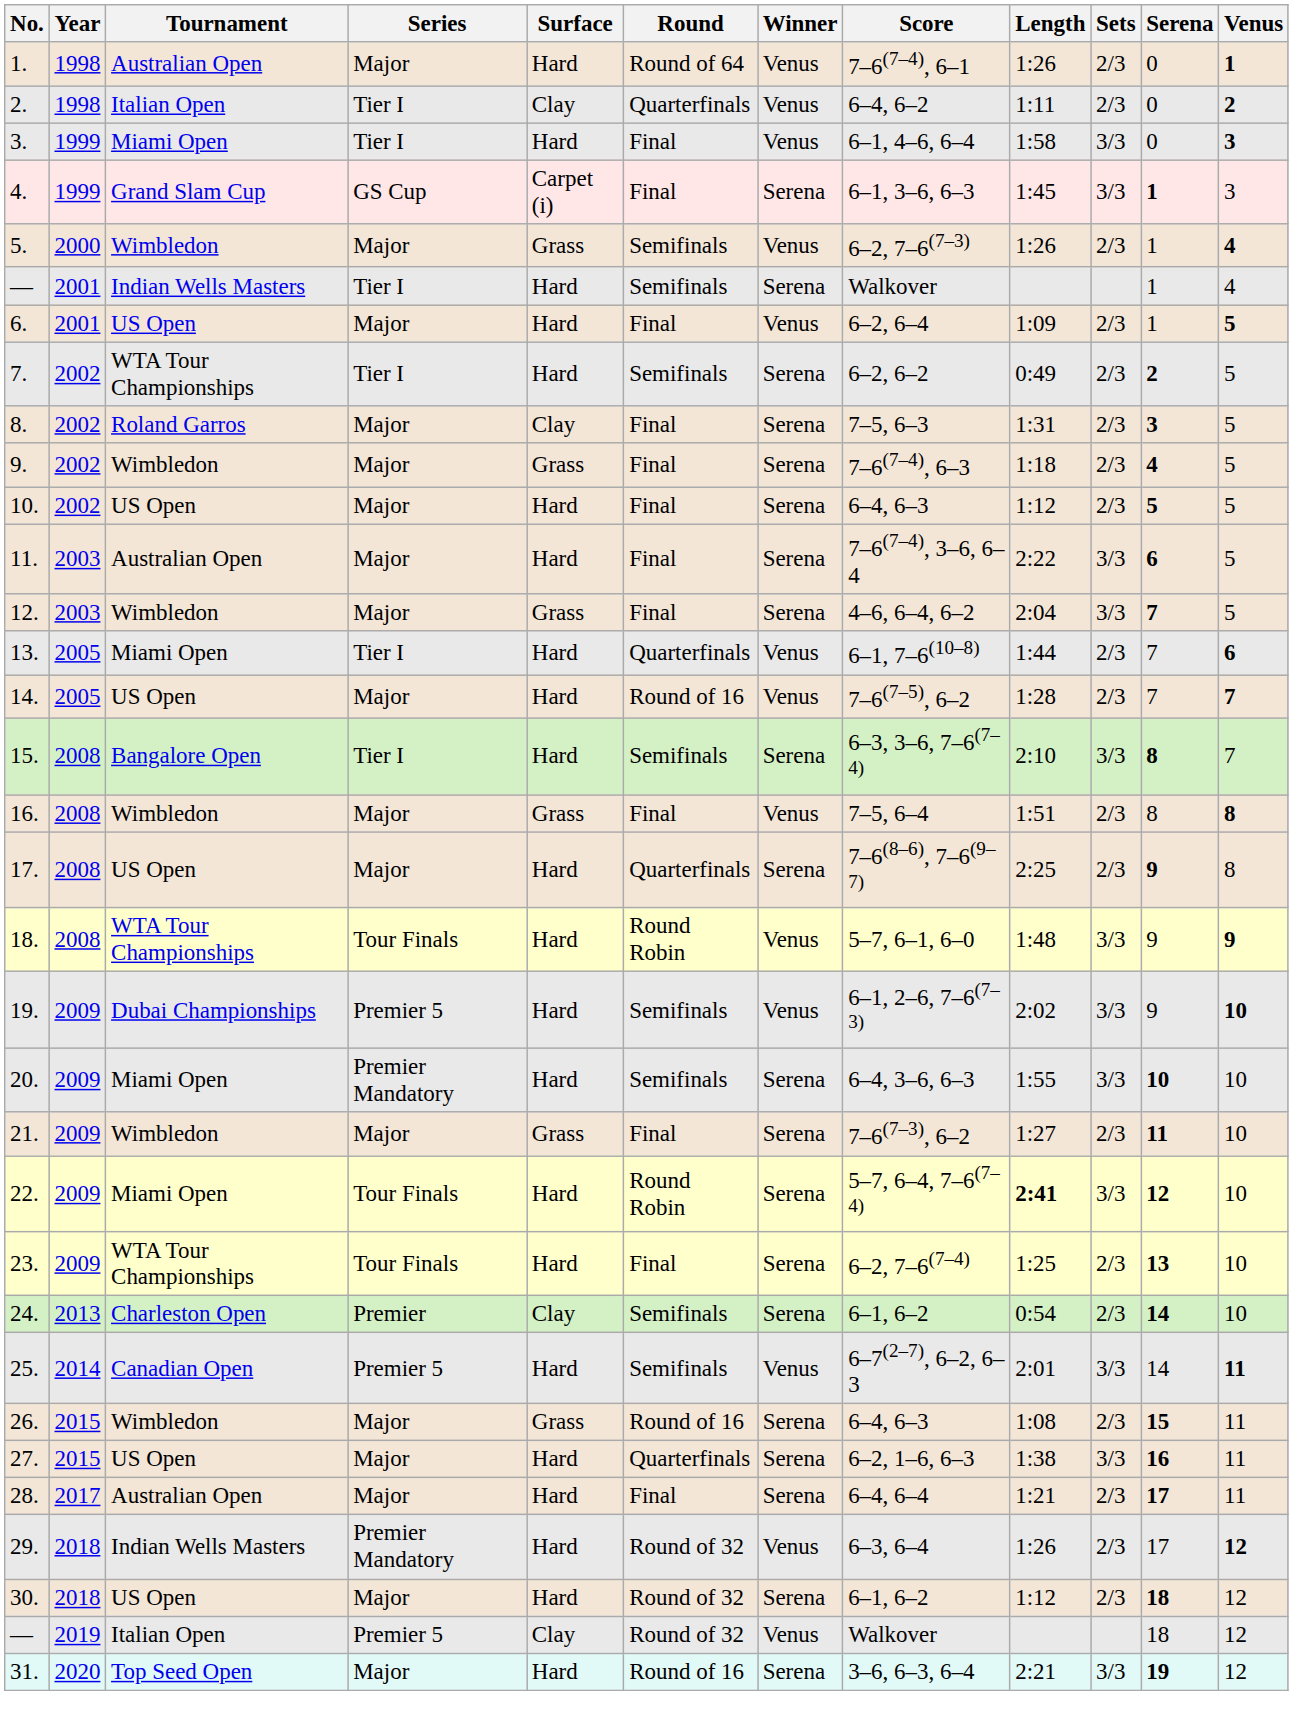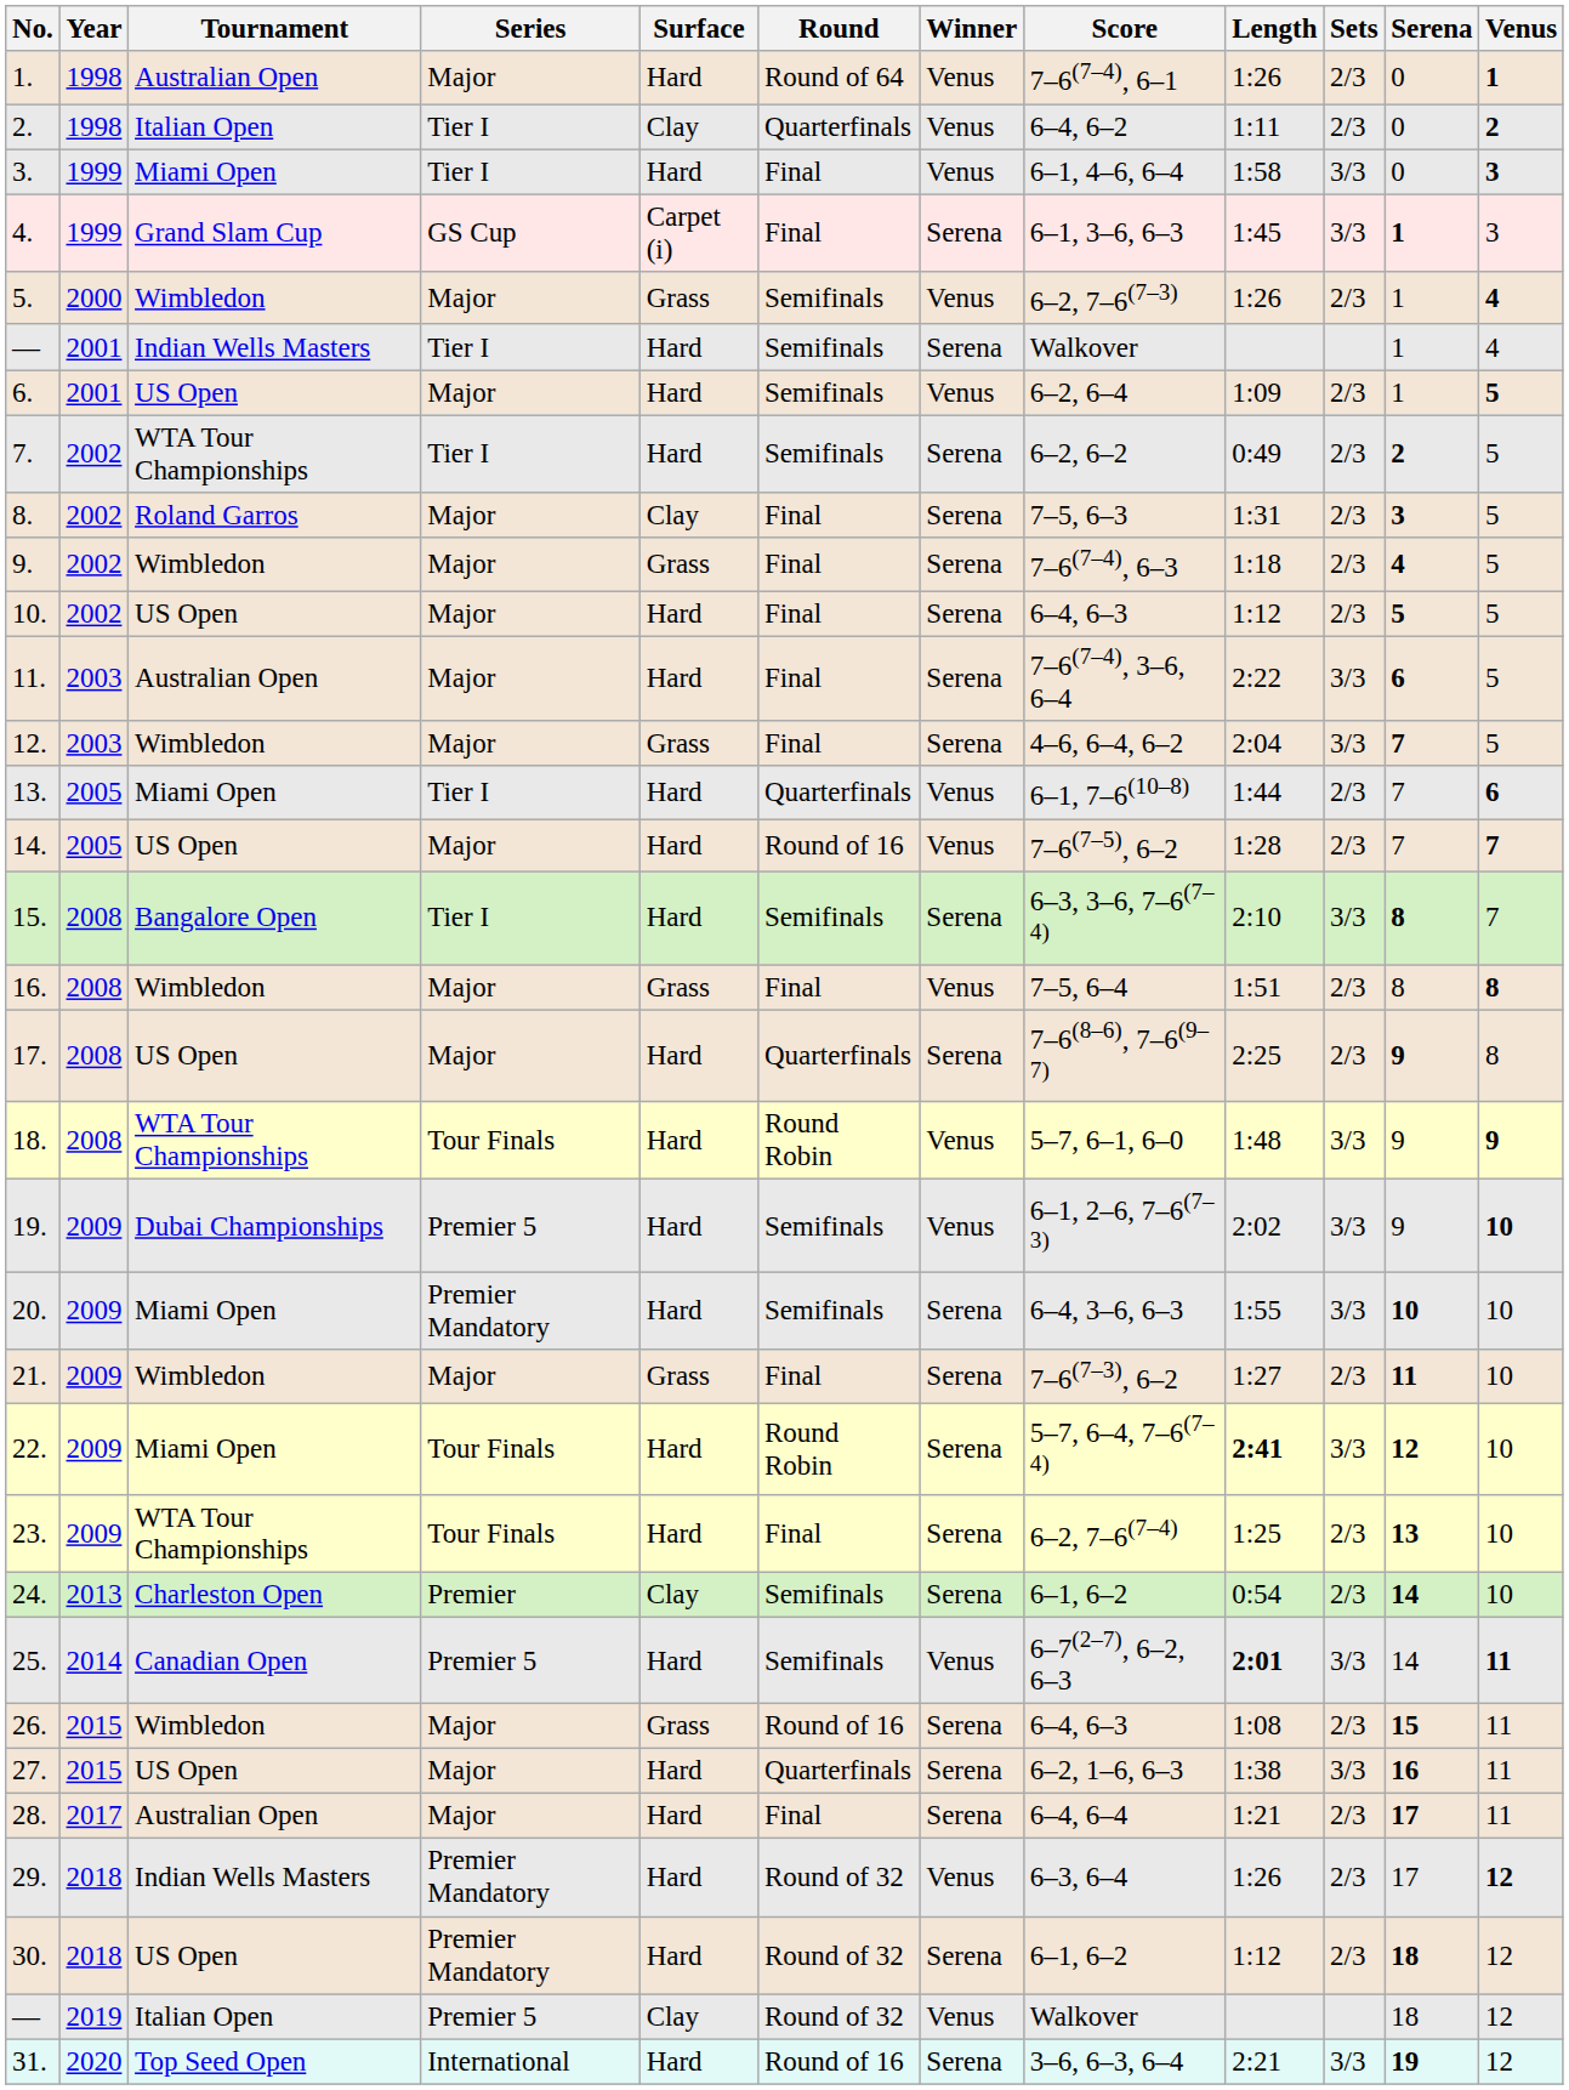 <table class="sortable wikitable" style="font-size:97%">
 <tr style="background:#uiit">
 <th>No.</th>
 <th>Year</th>
 <th>Tournament</th>
 <th>Series</th>
 <th>Surface</th>
 <th>Round</th>
 <th>Winner</th>
 <th class="unsortable">Score</th>
 <th>Length</th>
 <th>Sets</th>
 <th>Serena</th>
 <th>Venus</th>
 </tr>
 <tr style="background:#f3e6d7">
 <td>1.</td>
 <td><a href='#'>1998</a></td>
 <td><a href='#'>Australian Open</a></td>
 <td>Major</td>
 <td>Hard</td>
 <td>Round of 64</td>
 <td>Venus</td>
 <td>7–6<sup>(7–4)</sup>, 6–1</td>
 <td>1:26</td>
 <td>2/3</td>
 <td>0</td>
 <td><strong>1</strong></td>
 </tr>
 <tr style="background:#e9e9e9">
 <td>2.</td>
 <td><a href='#'>1998</a></td>
 <td><a href='#'>Italian Open</a></td>
 <td>Tier I</td>
 <td>Clay</td>
 <td>Quarterfinals</td>
 <td>Venus</td>
 <td>6–4, 6–2</td>
 <td>1:11</td>
 <td>2/3</td>
 <td>0</td>
 <td><strong>2</strong></td>
 </tr>
 <tr style="background:#e9e9e9">
 <td>3.</td>
 <td><a href='#'>1999</a></td>
 <td><a href='#'>Miami Open</a></td>
 <td>Tier I</td>
 <td>Hard</td>
 <td>Final</td>
 <td>Venus</td>
 <td>6–1, 4–6, 6–4</td>
 <td>1:58</td>
 <td>3/3</td>
 <td>0</td>
 <td><strong>3</strong></td>
 </tr>
 <tr style="background:#ffe7e7">
 <td>4.</td>
 <td><a href='#'>1999</a></td>
 <td><a href='#'>Grand Slam Cup</a></td>
 <td>GS Cup</td>
 <td>Carpet (i)</td>
 <td>Final</td>
 <td>Serena</td>
 <td>6–1, 3–6, 6–3</td>
 <td>1:45</td>
 <td>3/3</td>
 <td><strong>1</strong></td>
 <td>3</td>
 </tr>
 <tr style="background:#f3e6d7">
 <td>5.</td>
 <td><a href='#'>2000</a></td>
 <td><a href='#'>Wimbledon</a></td>
 <td>Major</td>
 <td>Grass</td>
 <td>Semifinals</td>
 <td>Venus</td>
 <td>6–2, 7–6<sup>(7–3)</sup></td>
 <td>1:26</td>
 <td>2/3</td>
 <td>1</td>
 <td><strong>4</strong></td>
 </tr>
 <tr style="background:#e9e9e9">
 <td>—</td>
 <td><a href='#'>2001</a></td>
 <td><a href='#'>Indian Wells Masters</a></td>
 <td>Tier I</td>
 <td>Hard</td>
 <td>Semifinals</td>
 <td>Serena</td>
 <td>Walkover</td>
 <td></td>
 <td></td>
 <td>1</td>
 <td>4</td>
 </tr>
 <tr style="background:#f3e6d7">
 <td>6.</td>
 <td><a href='#'>2001</a></td>
 <td><a href='#'>US Open</a></td>
 <td>Major</td>
 <td>Hard</td>
-<td>Final</td>
+<td>Semifinals</td>
 <td>Venus</td>
 <td>6–2, 6–4</td>
 <td>1:09</td>
 <td>2/3</td>
 <td>1</td>
 <td><strong>5</strong></td>
 </tr>
 <tr style="background:#e9e9e9">
 <td>7.</td>
 <td><a href='#'>2002</a></td>
 <td>WTA Tour Championships</td>
 <td>Tier I</td>
 <td>Hard</td>
 <td>Semifinals</td>
 <td>Serena</td>
 <td>6–2, 6–2</td>
 <td>0:49</td>
 <td>2/3</td>
 <td><strong>2</strong></td>
 <td>5</td>
 </tr>
 <tr style="background:#f3e6d7">
 <td>8.</td>
 <td><a href='#'>2002</a></td>
 <td><a href='#'>Roland Garros</a></td>
 <td>Major</td>
 <td>Clay</td>
 <td>Final</td>
 <td>Serena</td>
 <td>7–5, 6–3</td>
 <td>1:31</td>
 <td>2/3</td>
 <td><strong>3</strong></td>
 <td>5</td>
 </tr>
 <tr style="background:#f3e6d7">
 <td>9.</td>
 <td><a href='#'>2002</a></td>
 <td>Wimbledon</td>
 <td>Major</td>
 <td>Grass</td>
 <td>Final</td>
 <td>Serena</td>
 <td>7–6<sup>(7–4)</sup>, 6–3</td>
 <td>1:18</td>
 <td>2/3</td>
 <td><strong>4</strong></td>
 <td>5</td>
 </tr>
 <tr style="background:#f3e6d7">
 <td>10.</td>
 <td><a href='#'>2002</a></td>
 <td>US Open</td>
 <td>Major</td>
 <td>Hard</td>
 <td>Final</td>
 <td>Serena</td>
 <td>6–4, 6–3</td>
 <td>1:12</td>
 <td>2/3</td>
 <td><strong>5</strong></td>
 <td>5</td>
 </tr>
 <tr style="background:#f3e6d7">
 <td>11.</td>
 <td><a href='#'>2003</a></td>
 <td>Australian Open</td>
 <td>Major</td>
 <td>Hard</td>
 <td>Final</td>
 <td>Serena</td>
 <td>7–6<sup>(7–4)</sup>, 3–6, 6–4</td>
 <td>2:22</td>
 <td>3/3</td>
 <td><strong>6</strong></td>
 <td>5</td>
 </tr>
 <tr style="background:#f3e6d7">
 <td>12.</td>
 <td><a href='#'>2003</a></td>
 <td>Wimbledon</td>
 <td>Major</td>
 <td>Grass</td>
 <td>Final</td>
 <td>Serena</td>
 <td>4–6, 6–4, 6–2</td>
 <td>2:04</td>
 <td>3/3</td>
 <td><strong>7</strong></td>
 <td>5</td>
 </tr>
 <tr style="background:#e9e9e9">
 <td>13.</td>
 <td><a href='#'>2005</a></td>
 <td>Miami Open</td>
 <td>Tier I</td>
 <td>Hard</td>
 <td>Quarterfinals</td>
 <td>Venus</td>
 <td>6–1, 7–6<sup>(10–8)</sup></td>
 <td>1:44</td>
 <td>2/3</td>
 <td>7</td>
 <td><strong>6</strong></td>
 </tr>
 <tr style="background:#f3e6d7">
 <td>14.</td>
 <td><a href='#'>2005</a></td>
 <td>US Open</td>
 <td>Major</td>
 <td>Hard</td>
 <td>Round of 16</td>
 <td>Venus</td>
 <td>7–6<sup>(7–5)</sup>, 6–2</td>
 <td>1:28</td>
 <td>2/3</td>
 <td>7</td>
 <td><strong>7</strong></td>
 </tr>
 <tr style="background:#d4f1c5">
 <td>15.</td>
 <td><a href='#'>2008</a></td>
 <td><a href='#'>Bangalore Open</a></td>
 <td>Tier I</td>
 <td>Hard</td>
 <td>Semifinals</td>
 <td>Serena</td>
 <td>6–3, 3–6, 7–6<sup>(7–4)</sup></td>
 <td>2:10</td>
 <td>3/3</td>
 <td><strong>8</strong></td>
 <td>7</td>
 </tr>
 <tr style="background:#f3e6d7">
 <td>16.</td>
 <td><a href='#'>2008</a></td>
 <td>Wimbledon</td>
 <td>Major</td>
 <td>Grass</td>
 <td>Final</td>
 <td>Venus</td>
 <td>7–5, 6–4</td>
 <td>1:51</td>
 <td>2/3</td>
 <td>8</td>
 <td><strong>8</strong></td>
 </tr>
 <tr style="background:#f3e6d7">
 <td>17.</td>
 <td><a href='#'>2008</a></td>
 <td>US Open</td>
 <td>Major</td>
 <td>Hard</td>
 <td>Quarterfinals</td>
 <td>Serena</td>
 <td>7–6<sup>(8–6)</sup>, 7–6<sup>(9–7)</sup></td>
 <td>2:25</td>
 <td>2/3</td>
 <td><strong>9</strong></td>
 <td>8</td>
 </tr>
 <tr style="background:#ffc">
 <td>18.</td>
 <td><a href='#'>2008</a></td>
 <td><a href='#'>WTA Tour Championships</a></td>
 <td>Tour Finals</td>
 <td>Hard</td>
 <td>Round Robin</td>
 <td>Venus</td>
 <td>5–7, 6–1, 6–0</td>
 <td>1:48</td>
 <td>3/3</td>
 <td>9</td>
 <td><strong>9</strong></td>
 </tr>
 <tr style="background:#e9e9e9">
 <td>19.</td>
 <td><a href='#'>2009</a></td>
 <td><a href='#'>Dubai Championships</a></td>
 <td>Premier 5</td>
 <td>Hard</td>
 <td>Semifinals</td>
 <td>Venus</td>
 <td>6–1, 2–6, 7–6<sup>(7–3)</sup></td>
 <td>2:02</td>
 <td>3/3</td>
 <td>9</td>
 <td><strong>10</strong></td>
 </tr>
 <tr style="background:#e9e9e9">
 <td>20.</td>
 <td><a href='#'>2009</a></td>
 <td>Miami Open</td>
 <td>Premier Mandatory</td>
 <td>Hard</td>
 <td>Semifinals</td>
 <td>Serena</td>
 <td>6–4, 3–6, 6–3</td>
 <td>1:55</td>
 <td>3/3</td>
 <td><strong>10</strong></td>
 <td>10</td>
 </tr>
 <tr style="background:#f3e6d7">
 <td>21.</td>
 <td><a href='#'>2009</a></td>
 <td>Wimbledon</td>
 <td>Major</td>
 <td>Grass</td>
 <td>Final</td>
 <td>Serena</td>
 <td>7–6<sup>(7–3)</sup>, 6–2</td>
 <td>1:27</td>
 <td>2/3</td>
 <td><strong>11</strong></td>
 <td>10</td>
 </tr>
 <tr style="background:#ffc">
 <td>22.</td>
 <td><a href='#'>2009</a></td>
 <td>Miami Open</td>
 <td>Tour Finals</td>
 <td>Hard</td>
 <td>Round Robin</td>
 <td>Serena</td>
 <td>5–7, 6–4, 7–6<sup>(7–4)</sup></td>
 <td><strong>2:41</strong></td>
 <td>3/3</td>
 <td><strong>12</strong></td>
 <td>10</td>
 </tr>
 <tr style="background:#ffc">
 <td>23.</td>
 <td><a href='#'>2009</a></td>
 <td>WTA Tour Championships</td>
 <td>Tour Finals</td>
 <td>Hard</td>
 <td>Final</td>
 <td>Serena</td>
 <td>6–2, 7–6<sup>(7–4)</sup></td>
 <td>1:25</td>
 <td>2/3</td>
 <td><strong>13</strong></td>
 <td>10</td>
 </tr>
 <tr style="background:#d4f1c5">
 <td>24.</td>
 <td><a href='#'>2013</a></td>
 <td><a href='#'>Charleston Open</a></td>
 <td>Premier</td>
 <td>Clay</td>
 <td>Semifinals</td>
 <td>Serena</td>
 <td>6–1, 6–2</td>
 <td>0:54</td>
 <td>2/3</td>
 <td><strong>14</strong></td>
 <td>10</td>
 </tr>
 <tr style="background:#e9e9e9">
 <td>25.</td>
 <td><a href='#'>2014</a></td>
 <td><a href='#'>Canadian Open</a></td>
 <td>Premier 5</td>
 <td>Hard</td>
 <td>Semifinals</td>
 <td>Venus</td>
 <td>6–7<sup>(2–7)</sup>, 6–2, 6–3</td>
-<td>2:01</td>
+<td><strong>2:01</strong></td>
 <td>3/3</td>
 <td>14</td>
 <td><strong>11</strong></td>
 </tr>
 <tr style="background:#f3e6d7">
 <td>26.</td>
 <td><a href='#'>2015</a></td>
 <td>Wimbledon</td>
 <td>Major</td>
 <td>Grass</td>
 <td>Round of 16</td>
 <td>Serena</td>
 <td>6–4, 6–3</td>
 <td>1:08</td>
 <td>2/3</td>
 <td><strong>15</strong></td>
 <td>11</td>
 </tr>
 <tr style="background:#f3e6d7">
 <td>27.</td>
 <td><a href='#'>2015</a></td>
 <td>US Open</td>
 <td>Major</td>
 <td>Hard</td>
 <td>Quarterfinals</td>
 <td>Serena</td>
 <td>6–2, 1–6, 6–3</td>
 <td>1:38</td>
 <td>3/3</td>
 <td><strong>16</strong></td>
 <td>11</td>
 </tr>
 <tr style="background:#f3e6d7">
 <td>28.</td>
 <td><a href='#'>2017</a></td>
 <td>Australian Open</td>
 <td>Major</td>
 <td>Hard</td>
 <td>Final</td>
 <td>Serena</td>
 <td>6–4, 6–4</td>
 <td>1:21</td>
 <td>2/3</td>
 <td><strong>17</strong></td>
 <td>11</td>
 </tr>
 <tr style="background:#e9e9e9">
 <td>29.</td>
 <td><a href='#'>2018</a></td>
 <td>Indian Wells Masters</td>
 <td>Premier Mandatory</td>
 <td>Hard</td>
 <td>Round of 32</td>
 <td>Venus</td>
 <td>6–3, 6–4</td>
 <td>1:26</td>
 <td>2/3</td>
 <td>17</td>
 <td><strong>12</strong></td>
 </tr>
 <tr style="background:#f3e6d7">
 <td>30.</td>
 <td><a href='#'>2018</a></td>
 <td>US Open</td>
-<td>Major</td>
+<td>Premier Mandatory</td>
 <td>Hard</td>
 <td>Round of 32</td>
 <td>Serena</td>
 <td>6–1, 6–2</td>
 <td>1:12</td>
 <td>2/3</td>
 <td><strong>18</strong></td>
 <td>12</td>
 </tr>
 <tr style="background:#e9e9e9">
 <td>—</td>
 <td><a href='#'>2019</a></td>
 <td>Italian Open</td>
 <td>Premier 5</td>
 <td>Clay</td>
 <td>Round of 32</td>
 <td>Venus</td>
 <td>Walkover</td>
 <td></td>
 <td></td>
 <td>18</td>
 <td>12</td>
 </tr>
 <tr style="background:#e2faf7">
 <td>31.</td>
 <td><a href='#'>2020</a></td>
 <td><a href='#'>Top Seed Open</a></td>
-<td>Major</td>
+<td>International</td>
 <td>Hard</td>
 <td>Round of 16</td>
 <td>Serena</td>
 <td>3–6, 6–3, 6–4</td>
 <td>2:21</td>
 <td>3/3</td>
 <td><strong>19</strong></td>
 <td>12</td>
 </tr>
 </table>
